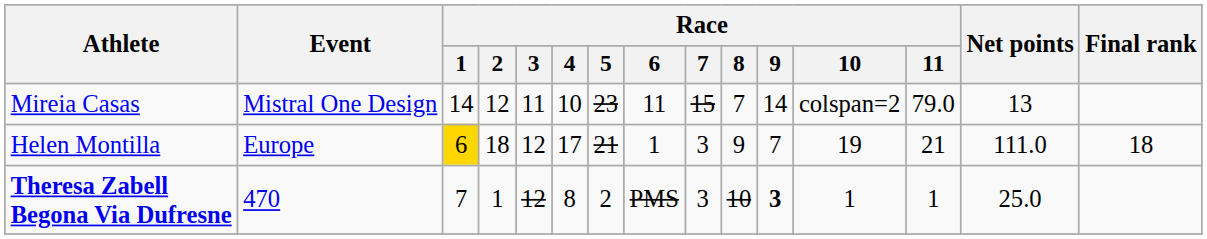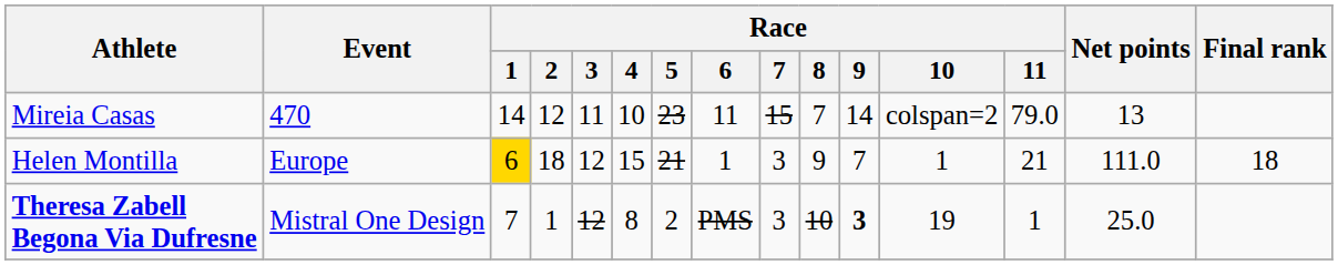 <table class="wikitable" style="font-size:90%">
 <tr>
 <th rowspan="2">Athlete</th>
 <th rowspan="2">Event</th>
 <th colspan=11>Race</th>
 <th rowspan=2>Net points</th>
 <th rowspan=2>Final rank</th>
 </tr>
 <tr style="font-size:95%">
 <th>1</th>
 <th>2</th>
 <th>3</th>
 <th>4</th>
 <th>5</th>
 <th>6</th>
 <th>7</th>
 <th>8</th>
 <th>9</th>
 <th>10</th>
 <th>11</th>
 </tr>
 <tr align=center>
 <td align=left><a href='#'>Mireia Casas</a></td>
-<td align=left><a href='#'>Mistral One Design</a></td>
+<td align=left><a href='#'>470</a></td>
 <td>14</td>
 <td>12</td>
 <td>11</td>
 <td>10</td>
 <td><s>23</s></td>
 <td>11</td>
 <td><s>15</s></td>
 <td>7</td>
 <td>14</td>
 <td>colspan=2 </td>
 <td>79.0</td>
 <td>13</td>
 </tr>
 <tr align=center>
 <td align=left><a href='#'>Helen Montilla</a></td>
 <td align=left><a href='#'>Europe</a></td>
 <td style="background: gold;">6</td>
 <td>18</td>
 <td>12</td>
-<td>17</td>
+<td>15</td>
 <td><s>21</s></td>
 <td>1</td>
 <td>3</td>
 <td>9</td>
 <td>7</td>
-<td>19</td>
+<td>1</td>
 <td>21</td>
 <td>111.0</td>
 <td>18</td>
 </tr>
 <tr align=center>
 <td align=left><strong><a href='#'>Theresa Zabell</a><br><a href='#'>Begona Via Dufresne</a></strong></td>
-<td align=left><a href='#'>470</a></td>
+<td align=left><a href='#'>Mistral One Design</a></td>
 <td>7</td>
 <td>1</td>
 <td><s>12</s></td>
 <td>8</td>
 <td>2</td>
 <td><s>PMS</s></td>
 <td>3</td>
 <td><s>10</s></td>
 <td><strong>3</strong></td>
-<td>1</td>
+<td>19</td>
 <td>1</td>
 <td>25.0</td>
 <td></td>
 </tr>
 </table>
